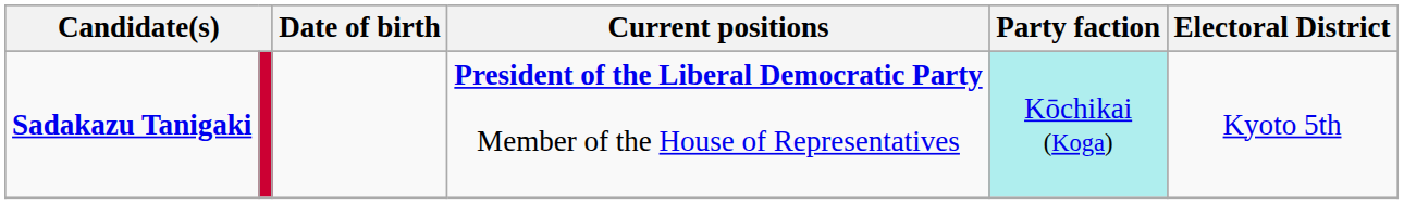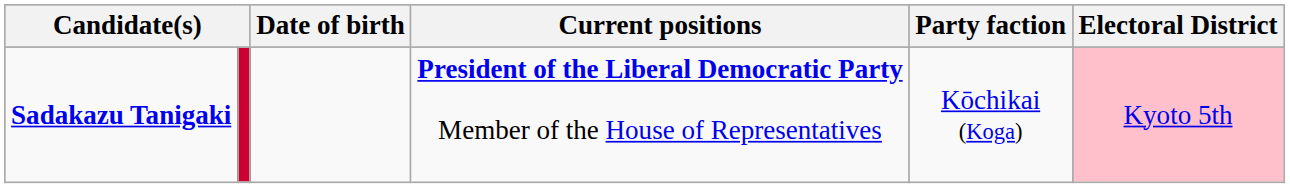 <table class="wikitable sortable" style="text-align:center">
 <tr>
 <th colspan="2" style="width:110px;">Candidate(s)</th>
 <th>Date of birth</th>
 <th class="unsortable">Current positions</th>
 <th>Party faction</th>
 <th>Electoral District</th>
 </tr>
 <tr>
 <td> <strong><a href='#'>Sadakazu Tanigaki</a></strong></td>
 <td style="background:#CC0033"></td>
 <td><br></td>
 <td><strong><a href='#'>President of the Liberal Democratic Party</a></strong><br><br>Member of the <a href='#'>House of Representatives</a><br><br></td>
-<td style="background: paleturquoise;"><a href='#'>Kōchikai</a><br><small> (<a href='#'>Koga</a>) </small></td>
-<td> <a href='#'>Kyoto 5th</a></td>
+<td><a href='#'>Kōchikai</a><br><small> (<a href='#'>Koga</a>) </small></td>
+<td style="background: pink;"> <a href='#'>Kyoto 5th</a></td>
 </tr>
 </table>
